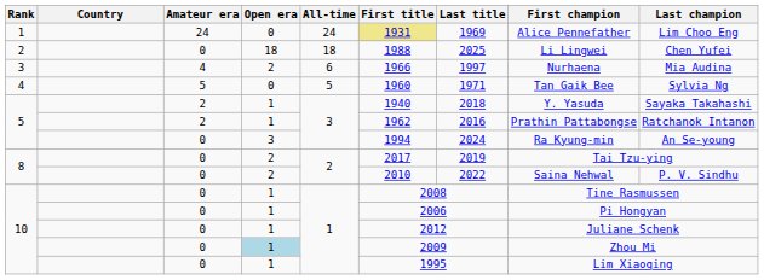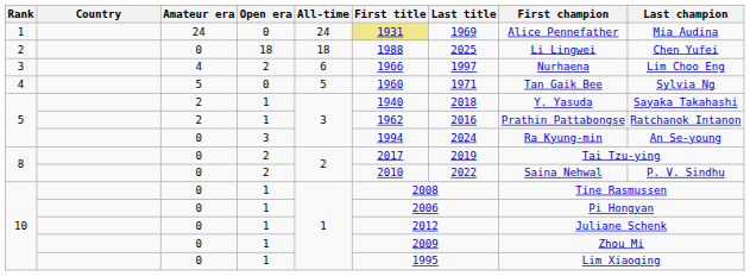 <table class="wikitable sortable">
 <tr>
 <th>Rank</th>
 <th style=width:11em>Country</th>
 <th>Amateur era</th>
 <th>Open era</th>
 <th>All-time</th>
 <th>First title</th>
 <th>Last title</th>
 <th>First champion</th>
 <th>Last champion</th>
 </tr>
 <tr>
 <td align=center>1</td>
 <td></td>
 <td align=center>24</td>
 <td align=center>0</td>
 <td align=center>24</td>
 <td align=center style="background: khaki;"><a href='#'>1931</a></td>
 <td align=center><a href='#'>1969</a></td>
 <td align=center><a href='#'>Alice Pennefather</a></td>
-<td align=center><a href='#'>Lim Choo Eng</a></td>
+<td align=center><a href='#'>Mia Audina</a></td>
 </tr>
 <tr>
 <td align=center>2</td>
 <td></td>
 <td align=center>0</td>
 <td align=center>18</td>
 <td align=center>18</td>
 <td align=center><a href='#'>1988</a></td>
 <td align=center><a href='#'>2025</a></td>
 <td align=center><a href='#'>Li Lingwei</a></td>
 <td align=center><a href='#'>Chen Yufei</a></td>
 </tr>
 <tr>
 <td align=center>3</td>
 <td></td>
 <td align=center>4</td>
 <td align=center>2</td>
 <td align=center>6</td>
 <td align=center><a href='#'>1966</a></td>
 <td align=center><a href='#'>1997</a></td>
 <td align=center><a href='#'>Nurhaena</a></td>
-<td align=center><a href='#'>Mia Audina</a></td>
+<td align=center><a href='#'>Lim Choo Eng</a></td>
 </tr>
 <tr>
 <td align=center>4</td>
 <td></td>
 <td align=center>5</td>
 <td align=center>0</td>
 <td align=center>5</td>
 <td align=center><a href='#'>1960</a></td>
 <td align=center><a href='#'>1971</a></td>
 <td align=center><a href='#'>Tan Gaik Bee</a></td>
 <td align=center><a href='#'>Sylvia Ng</a></td>
 </tr>
 <tr>
 <td rowspan=3 align=center>5</td>
 <td></td>
 <td align=center>2</td>
 <td align=center>1</td>
 <td rowspan=3 align=center>3</td>
 <td align=center><a href='#'>1940</a></td>
 <td align=center><a href='#'>2018</a></td>
 <td align=center><a href='#'>Y. Yasuda</a></td>
 <td align=center><a href='#'>Sayaka Takahashi</a></td>
 </tr>
 <tr>
 <td></td>
 <td align=center>2</td>
 <td align=center>1</td>
 <td align=center><a href='#'>1962</a></td>
 <td align=center><a href='#'>2016</a></td>
 <td align=center><a href='#'>Prathin Pattabongse</a></td>
 <td align=center><a href='#'>Ratchanok Intanon</a></td>
 </tr>
 <tr>
 <td></td>
 <td align=center>0</td>
 <td align=center>3</td>
 <td align=center><a href='#'>1994</a></td>
 <td align=center><a href='#'>2024</a></td>
 <td align=center><a href='#'>Ra Kyung-min</a></td>
 <td align=center><a href='#'>An Se-young</a></td>
 </tr>
 <tr>
 <td rowspan=2 align=center>8</td>
 <td></td>
 <td align=center>0</td>
 <td align=center>2</td>
 <td rowspan=2 align=center>2</td>
 <td align=center><a href='#'>2017</a></td>
 <td align=center><a href='#'>2019</a></td>
 <td colspan="2" align=center><a href='#'>Tai Tzu-ying</a></td>
 </tr>
 <tr>
 <td></td>
 <td align=center>0</td>
 <td align=center>2</td>
 <td align=center><a href='#'>2010</a></td>
 <td align=center><a href='#'>2022</a></td>
 <td align=center><a href='#'>Saina Nehwal</a></td>
 <td align=center><a href='#'>P. V. Sindhu</a></td>
 </tr>
 <tr>
 <td rowspan=5 align=center>10</td>
 <td></td>
 <td align=center>0</td>
 <td align=center>1</td>
 <td rowspan=5 align=center>1</td>
 <td colspan="2" align=center><a href='#'>2008</a></td>
 <td colspan="2" align=center><a href='#'>Tine Rasmussen</a></td>
 </tr>
 <tr>
 <td></td>
 <td align=center>0</td>
 <td align=center>1</td>
 <td colspan="2" align=center><a href='#'>2006</a></td>
 <td colspan="2" align=center><a href='#'>Pi Hongyan</a></td>
 </tr>
 <tr>
 <td></td>
 <td align=center>0</td>
 <td align=center>1</td>
 <td colspan="2" align=center><a href='#'>2012</a></td>
 <td colspan="2" align=center><a href='#'>Juliane Schenk</a></td>
 </tr>
 <tr>
 <td></td>
 <td align=center>0</td>
-<td align=center style="background: lightblue;">1</td>
+<td align=center>1</td>
 <td colspan="2" align=center><a href='#'>2009</a></td>
 <td colspan="2" align=center><a href='#'>Zhou Mi</a></td>
 </tr>
 <tr>
 <td></td>
 <td align=center>0</td>
 <td align=center>1</td>
 <td colspan="2" align=center><a href='#'>1995</a></td>
 <td colspan="2" align=center><a href='#'>Lim Xiaoqing</a></td>
 </tr>
 </table>
